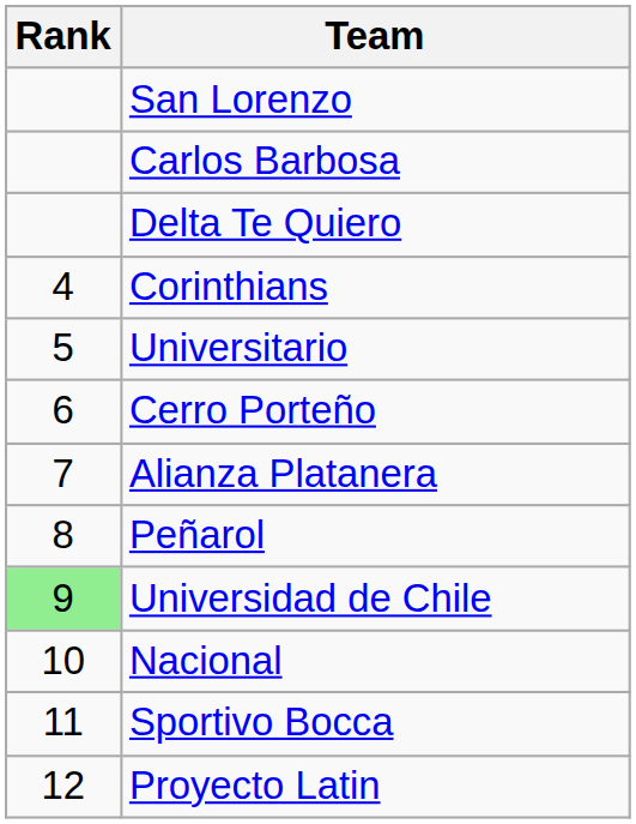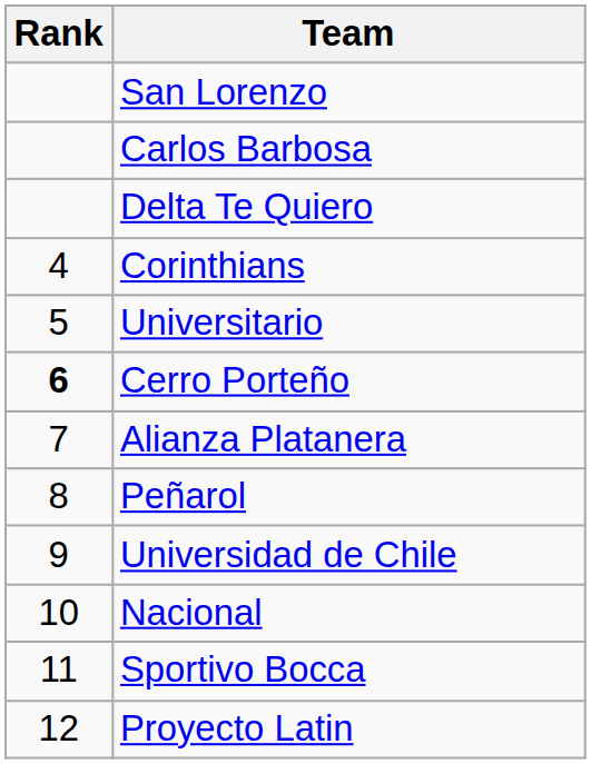 <table class="wikitable col2-left" style="text-align:center">
 <tr>
 <th width=30>Rank</th>
 <th width=200>Team</th>
 </tr>
 <tr>
 <td></td>
 <td align="left"> <a href='#'>San Lorenzo</a></td>
 </tr>
 <tr>
 <td></td>
 <td align="left"> <a href='#'>Carlos Barbosa</a></td>
 </tr>
 <tr>
 <td></td>
 <td align="left"> <a href='#'>Delta Te Quiero</a></td>
 </tr>
 <tr>
 <td>4</td>
 <td align="left"> <a href='#'>Corinthians</a></td>
 </tr>
 <tr>
 <td>5</td>
 <td align="left"> <a href='#'>Universitario</a></td>
 </tr>
 <tr>
-<td>6</td>
+<td><strong>6</strong></td>
 <td align="left"> <a href='#'>Cerro Porteño</a></td>
 </tr>
 <tr>
 <td>7</td>
 <td align="left"> <a href='#'>Alianza Platanera</a></td>
 </tr>
 <tr>
 <td>8</td>
 <td align="left"> <a href='#'>Peñarol</a></td>
 </tr>
 <tr>
-<td style="background: lightgreen;">9</td>
+<td>9</td>
 <td align="left"> <a href='#'>Universidad de Chile</a></td>
 </tr>
 <tr>
 <td>10</td>
 <td align="left"> <a href='#'>Nacional</a></td>
 </tr>
 <tr>
 <td>11</td>
 <td align="left"> <a href='#'>Sportivo Bocca</a></td>
 </tr>
 <tr>
 <td>12</td>
 <td align="left"> <a href='#'>Proyecto Latin</a></td>
 </tr>
 </table>
